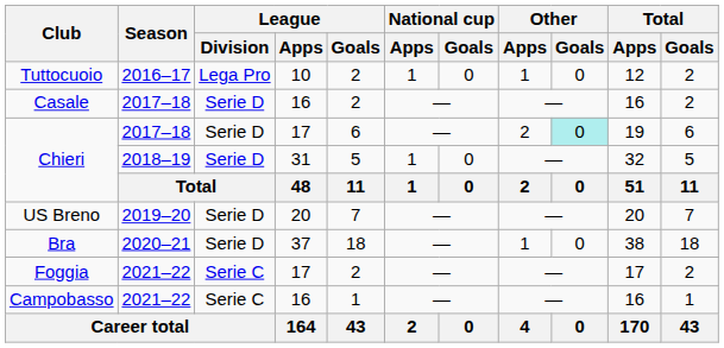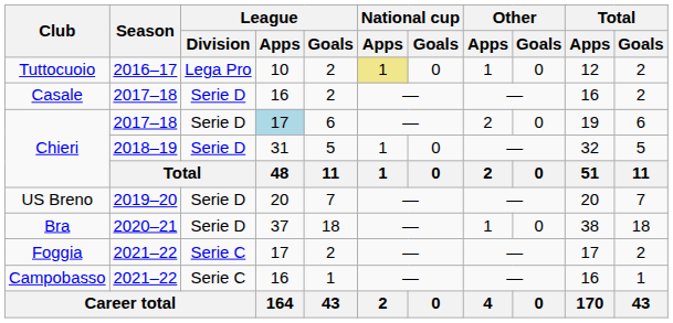 <table class="wikitable" style="text-align:center">
 <tr>
 <th rowspan="2">Club</th>
 <th rowspan="2">Season</th>
 <th colspan="3">League</th>
 <th colspan="2">National cup</th>
 <th colspan="2">Other</th>
 <th colspan="2">Total</th>
 </tr>
 <tr>
 <th>Division</th>
 <th>Apps</th>
 <th>Goals</th>
 <th>Apps</th>
 <th>Goals</th>
 <th>Apps</th>
 <th>Goals</th>
 <th>Apps</th>
 <th>Goals</th>
 </tr>
 <tr>
 <td><a href='#'>Tuttocuoio</a></td>
 <td><a href='#'>2016–17</a></td>
 <td><a href='#'>Lega Pro</a></td>
 <td>10</td>
 <td>2</td>
-<td>1</td>
+<td style="background: khaki;">1</td>
 <td>0</td>
 <td>1</td>
 <td>0</td>
 <td>12</td>
 <td>2</td>
 </tr>
 <tr>
 <td><a href='#'>Casale</a></td>
 <td><a href='#'>2017–18</a></td>
 <td><a href='#'>Serie D</a></td>
 <td>16</td>
 <td>2</td>
 <td colspan="2">—</td>
 <td colspan="2">—</td>
 <td>16</td>
 <td>2</td>
 </tr>
 <tr>
 <td rowspan="3"><a href='#'>Chieri</a></td>
 <td><a href='#'>2017–18</a></td>
 <td>Serie D</td>
-<td>17</td>
+<td style="background: lightblue;">17</td>
 <td>6</td>
 <td colspan="2">—</td>
 <td>2</td>
-<td style="background: paleturquoise;">0</td>
+<td>0</td>
 <td>19</td>
 <td>6</td>
 </tr>
 <tr>
 <td><a href='#'>2018–19</a></td>
 <td><a href='#'>Serie D</a></td>
 <td>31</td>
 <td>5</td>
 <td>1</td>
 <td>0</td>
 <td colspan="2">—</td>
 <td>32</td>
 <td>5</td>
 </tr>
 <tr>
 <th colspan="2">Total</th>
 <th>48</th>
 <th>11</th>
 <th>1</th>
 <th>0</th>
 <th>2</th>
 <th>0</th>
 <th>51</th>
 <th>11</th>
 </tr>
 <tr>
 <td>US Breno</td>
 <td><a href='#'>2019–20</a></td>
 <td>Serie D</td>
 <td>20</td>
 <td>7</td>
 <td colspan="2">—</td>
 <td colspan="2">—</td>
 <td>20</td>
 <td>7</td>
 </tr>
 <tr>
 <td><a href='#'>Bra</a></td>
 <td><a href='#'>2020–21</a></td>
 <td>Serie D</td>
 <td>37</td>
 <td>18</td>
 <td colspan="2">—</td>
 <td>1</td>
 <td>0</td>
 <td>38</td>
 <td>18</td>
 </tr>
 <tr>
 <td><a href='#'>Foggia</a></td>
 <td><a href='#'>2021–22</a></td>
 <td><a href='#'>Serie C</a></td>
 <td>17</td>
 <td>2</td>
 <td colspan="2">—</td>
 <td colspan="2">—</td>
 <td>17</td>
 <td>2</td>
 </tr>
 <tr>
 <td><a href='#'>Campobasso</a></td>
 <td><a href='#'>2021–22</a></td>
 <td>Serie C</td>
 <td>16</td>
 <td>1</td>
 <td colspan="2">—</td>
 <td colspan="2">—</td>
 <td>16</td>
 <td>1</td>
 </tr>
 <tr>
 <th colspan="3">Career total</th>
 <th>164</th>
 <th>43</th>
 <th>2</th>
 <th>0</th>
 <th>4</th>
 <th>0</th>
 <th>170</th>
 <th>43</th>
 </tr>
 </table>
